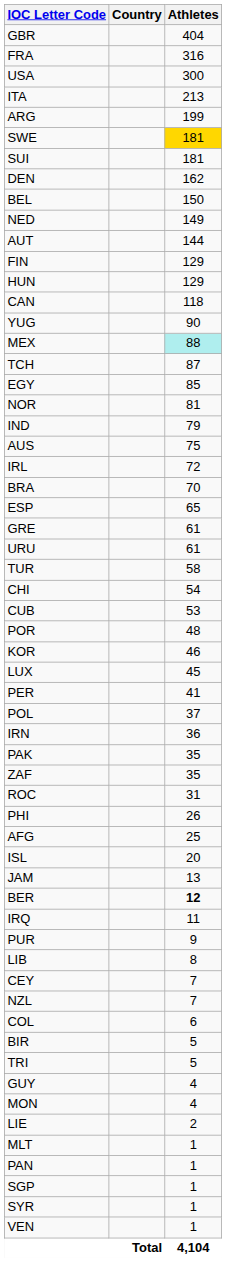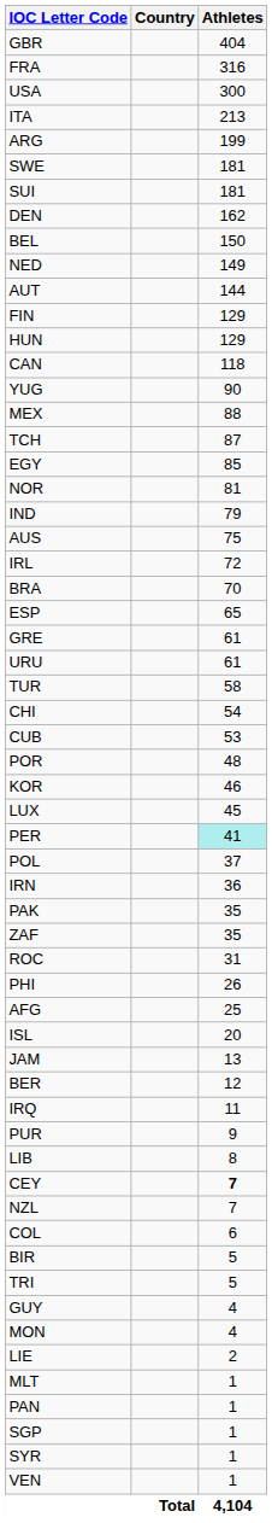 <table class="wikitable collapsible collapsed sortable" style="border:0;">
 <tr>
 <th><a href='#'>IOC Letter Code</a></th>
 <th>Country</th>
 <th>Athletes</th>
 </tr>
 <tr>
 <td>GBR</td>
 <td></td>
 <td align=center>404</td>
 </tr>
 <tr>
 <td>FRA</td>
 <td></td>
 <td align=center>316</td>
 </tr>
 <tr>
 <td>USA</td>
 <td></td>
 <td align=center>300</td>
 </tr>
 <tr>
 <td>ITA</td>
 <td></td>
 <td align=center>213</td>
 </tr>
 <tr>
 <td>ARG</td>
 <td></td>
 <td align=center>199</td>
 </tr>
 <tr>
 <td>SWE</td>
 <td></td>
-<td align=center style="background: gold;">181</td>
+<td align=center>181</td>
 </tr>
 <tr>
 <td>SUI</td>
 <td></td>
 <td align=center>181</td>
 </tr>
 <tr>
 <td>DEN</td>
 <td></td>
 <td align=center>162</td>
 </tr>
 <tr>
 <td>BEL</td>
 <td></td>
 <td align=center>150</td>
 </tr>
 <tr>
 <td>NED</td>
 <td></td>
 <td align=center>149</td>
 </tr>
 <tr>
 <td>AUT</td>
 <td></td>
 <td align=center>144</td>
 </tr>
 <tr>
 <td>FIN</td>
 <td></td>
 <td align=center>129</td>
 </tr>
 <tr>
 <td>HUN</td>
 <td></td>
 <td align=center>129</td>
 </tr>
 <tr>
 <td>CAN</td>
 <td></td>
 <td align=center>118</td>
 </tr>
 <tr>
 <td>YUG</td>
 <td></td>
 <td align=center>90</td>
 </tr>
 <tr>
 <td>MEX</td>
 <td></td>
-<td align=center style="background: paleturquoise;">88</td>
+<td align=center>88</td>
 </tr>
 <tr>
 <td>TCH</td>
 <td></td>
 <td align=center>87</td>
 </tr>
 <tr>
 <td>EGY</td>
 <td></td>
 <td align=center>85</td>
 </tr>
 <tr>
 <td>NOR</td>
 <td></td>
 <td align=center>81</td>
 </tr>
 <tr>
 <td>IND</td>
 <td></td>
 <td align=center>79</td>
 </tr>
 <tr>
 <td>AUS</td>
 <td></td>
 <td align=center>75</td>
 </tr>
 <tr>
 <td>IRL</td>
 <td></td>
 <td align=center>72</td>
 </tr>
 <tr>
 <td>BRA</td>
 <td></td>
 <td align=center>70</td>
 </tr>
 <tr>
 <td>ESP</td>
 <td></td>
 <td align=center>65</td>
 </tr>
 <tr>
 <td>GRE</td>
 <td></td>
 <td align=center>61</td>
 </tr>
 <tr>
 <td>URU</td>
 <td></td>
 <td align=center>61</td>
 </tr>
 <tr>
 <td>TUR</td>
 <td></td>
 <td align=center>58</td>
 </tr>
 <tr>
 <td>CHI</td>
 <td></td>
 <td align=center>54</td>
 </tr>
 <tr>
 <td>CUB</td>
 <td></td>
 <td align=center>53</td>
 </tr>
 <tr>
 <td>POR</td>
 <td></td>
 <td align=center>48</td>
 </tr>
 <tr>
 <td>KOR</td>
 <td></td>
 <td align=center>46</td>
 </tr>
 <tr>
 <td>LUX</td>
 <td></td>
 <td align=center>45</td>
 </tr>
 <tr>
 <td>PER</td>
 <td></td>
-<td align=center>41</td>
+<td align=center style="background: paleturquoise;">41</td>
 </tr>
 <tr>
 <td>POL</td>
 <td></td>
 <td align=center>37</td>
 </tr>
 <tr>
 <td>IRN</td>
 <td></td>
 <td align=center>36</td>
 </tr>
 <tr>
 <td>PAK</td>
 <td></td>
 <td align=center>35</td>
 </tr>
 <tr>
 <td>ZAF</td>
 <td></td>
 <td align=center>35</td>
 </tr>
 <tr>
 <td>ROC</td>
 <td></td>
 <td align=center>31</td>
 </tr>
 <tr>
 <td>PHI</td>
 <td></td>
 <td align=center>26</td>
 </tr>
 <tr>
 <td>AFG</td>
 <td></td>
 <td align=center>25</td>
 </tr>
 <tr>
 <td>ISL</td>
 <td></td>
 <td align=center>20</td>
 </tr>
 <tr>
 <td>JAM</td>
 <td></td>
 <td align=center>13</td>
 </tr>
 <tr>
 <td>BER</td>
 <td></td>
-<td align=center><strong>12</strong></td>
+<td align=center>12</td>
 </tr>
 <tr>
 <td>IRQ</td>
 <td></td>
 <td align=center>11</td>
 </tr>
 <tr>
 <td>PUR</td>
 <td></td>
 <td align=center>9</td>
 </tr>
 <tr>
 <td>LIB</td>
 <td></td>
 <td align=center>8</td>
 </tr>
 <tr>
 <td>CEY</td>
 <td></td>
-<td align=center>7</td>
+<td align=center><strong>7</strong></td>
 </tr>
 <tr>
 <td>NZL</td>
 <td></td>
 <td align=center>7</td>
 </tr>
 <tr>
 <td>COL</td>
 <td></td>
 <td align=center>6</td>
 </tr>
 <tr>
 <td>BIR</td>
 <td></td>
 <td align=center>5</td>
 </tr>
 <tr>
 <td>TRI</td>
 <td></td>
 <td align=center>5</td>
 </tr>
 <tr>
 <td>GUY</td>
 <td></td>
 <td align=center>4</td>
 </tr>
 <tr>
 <td>MON</td>
 <td></td>
 <td align=center>4</td>
 </tr>
 <tr>
 <td>LIE</td>
 <td></td>
 <td align=center>2</td>
 </tr>
 <tr>
 <td>MLT</td>
 <td></td>
 <td align=center>1</td>
 </tr>
 <tr>
 <td>PAN</td>
 <td></td>
 <td align=center>1</td>
 </tr>
 <tr>
 <td>SGP</td>
 <td></td>
 <td align=center>1</td>
 </tr>
 <tr>
 <td>SYR</td>
 <td></td>
 <td align=center>1</td>
 </tr>
 <tr>
 <td>VEN</td>
 <td></td>
 <td align=center>1</td>
 </tr>
 <tr class="sort bottom" style="background:#fff;">
 <td style="text-align:right; border:0; " colspan="2"><strong>Total</strong></td>
 <td style="text-align:center; border:0; background:#fff;"><strong>4,104</strong></td>
 </tr>
 </table>
